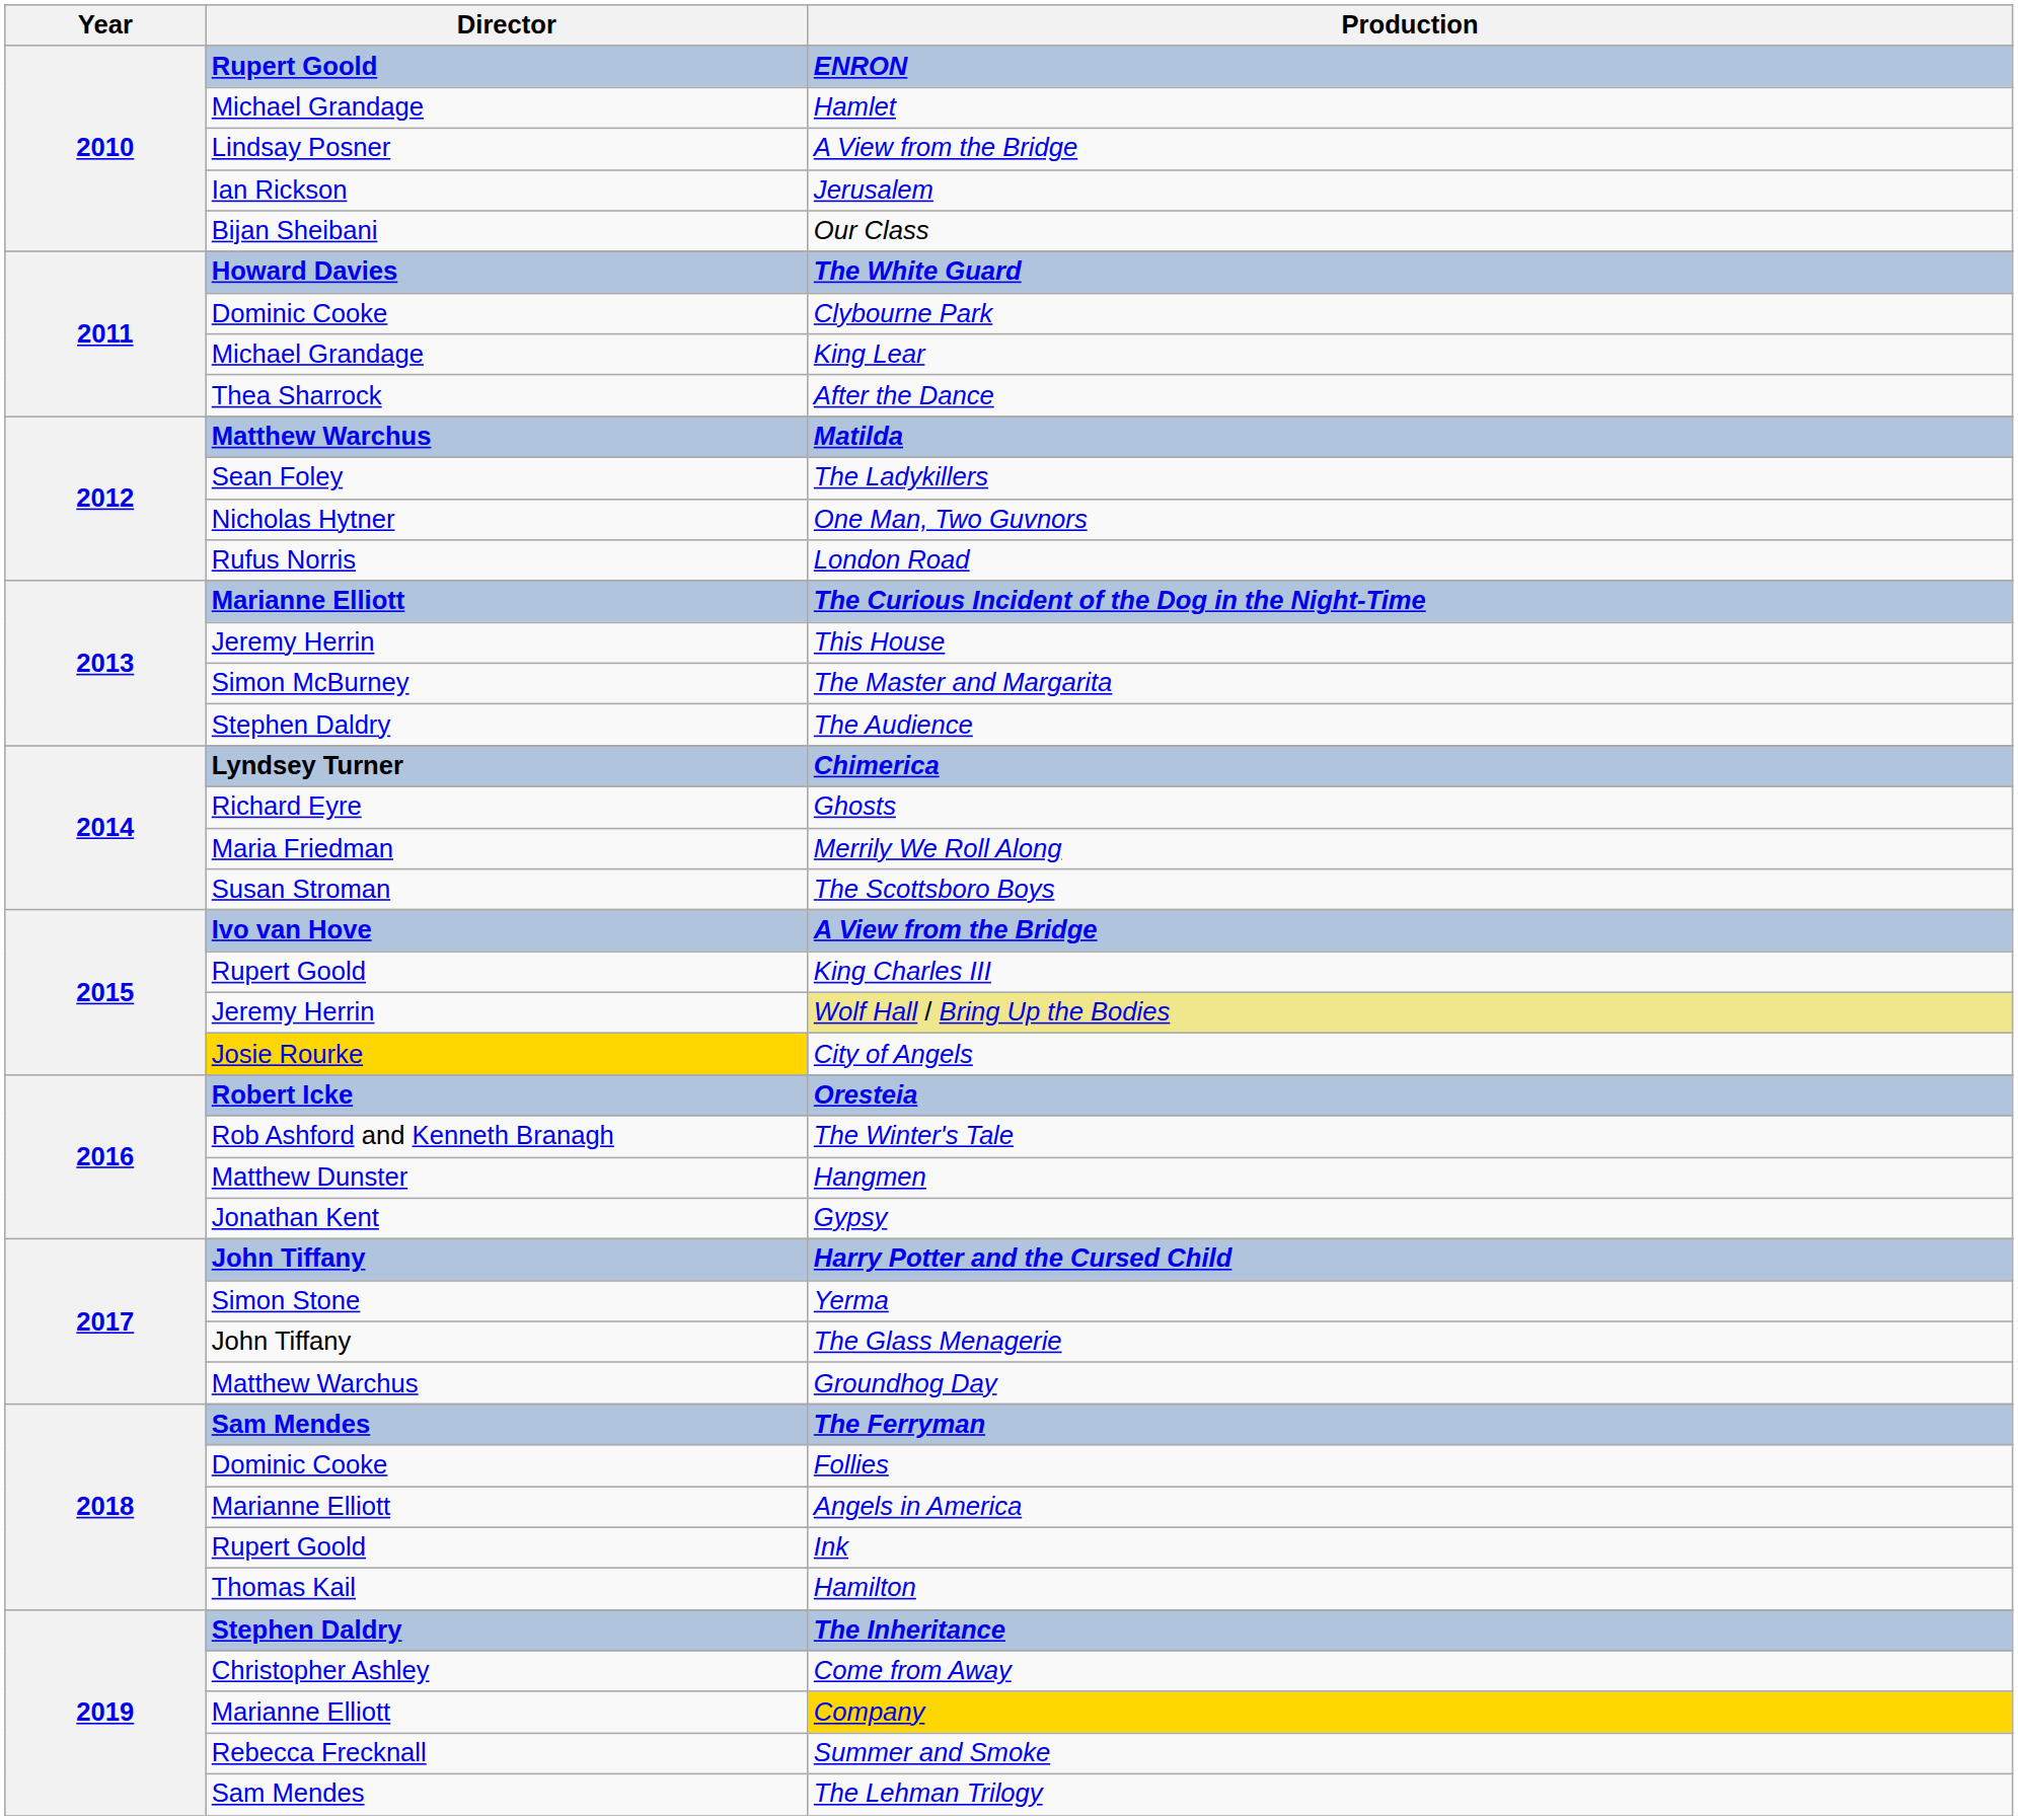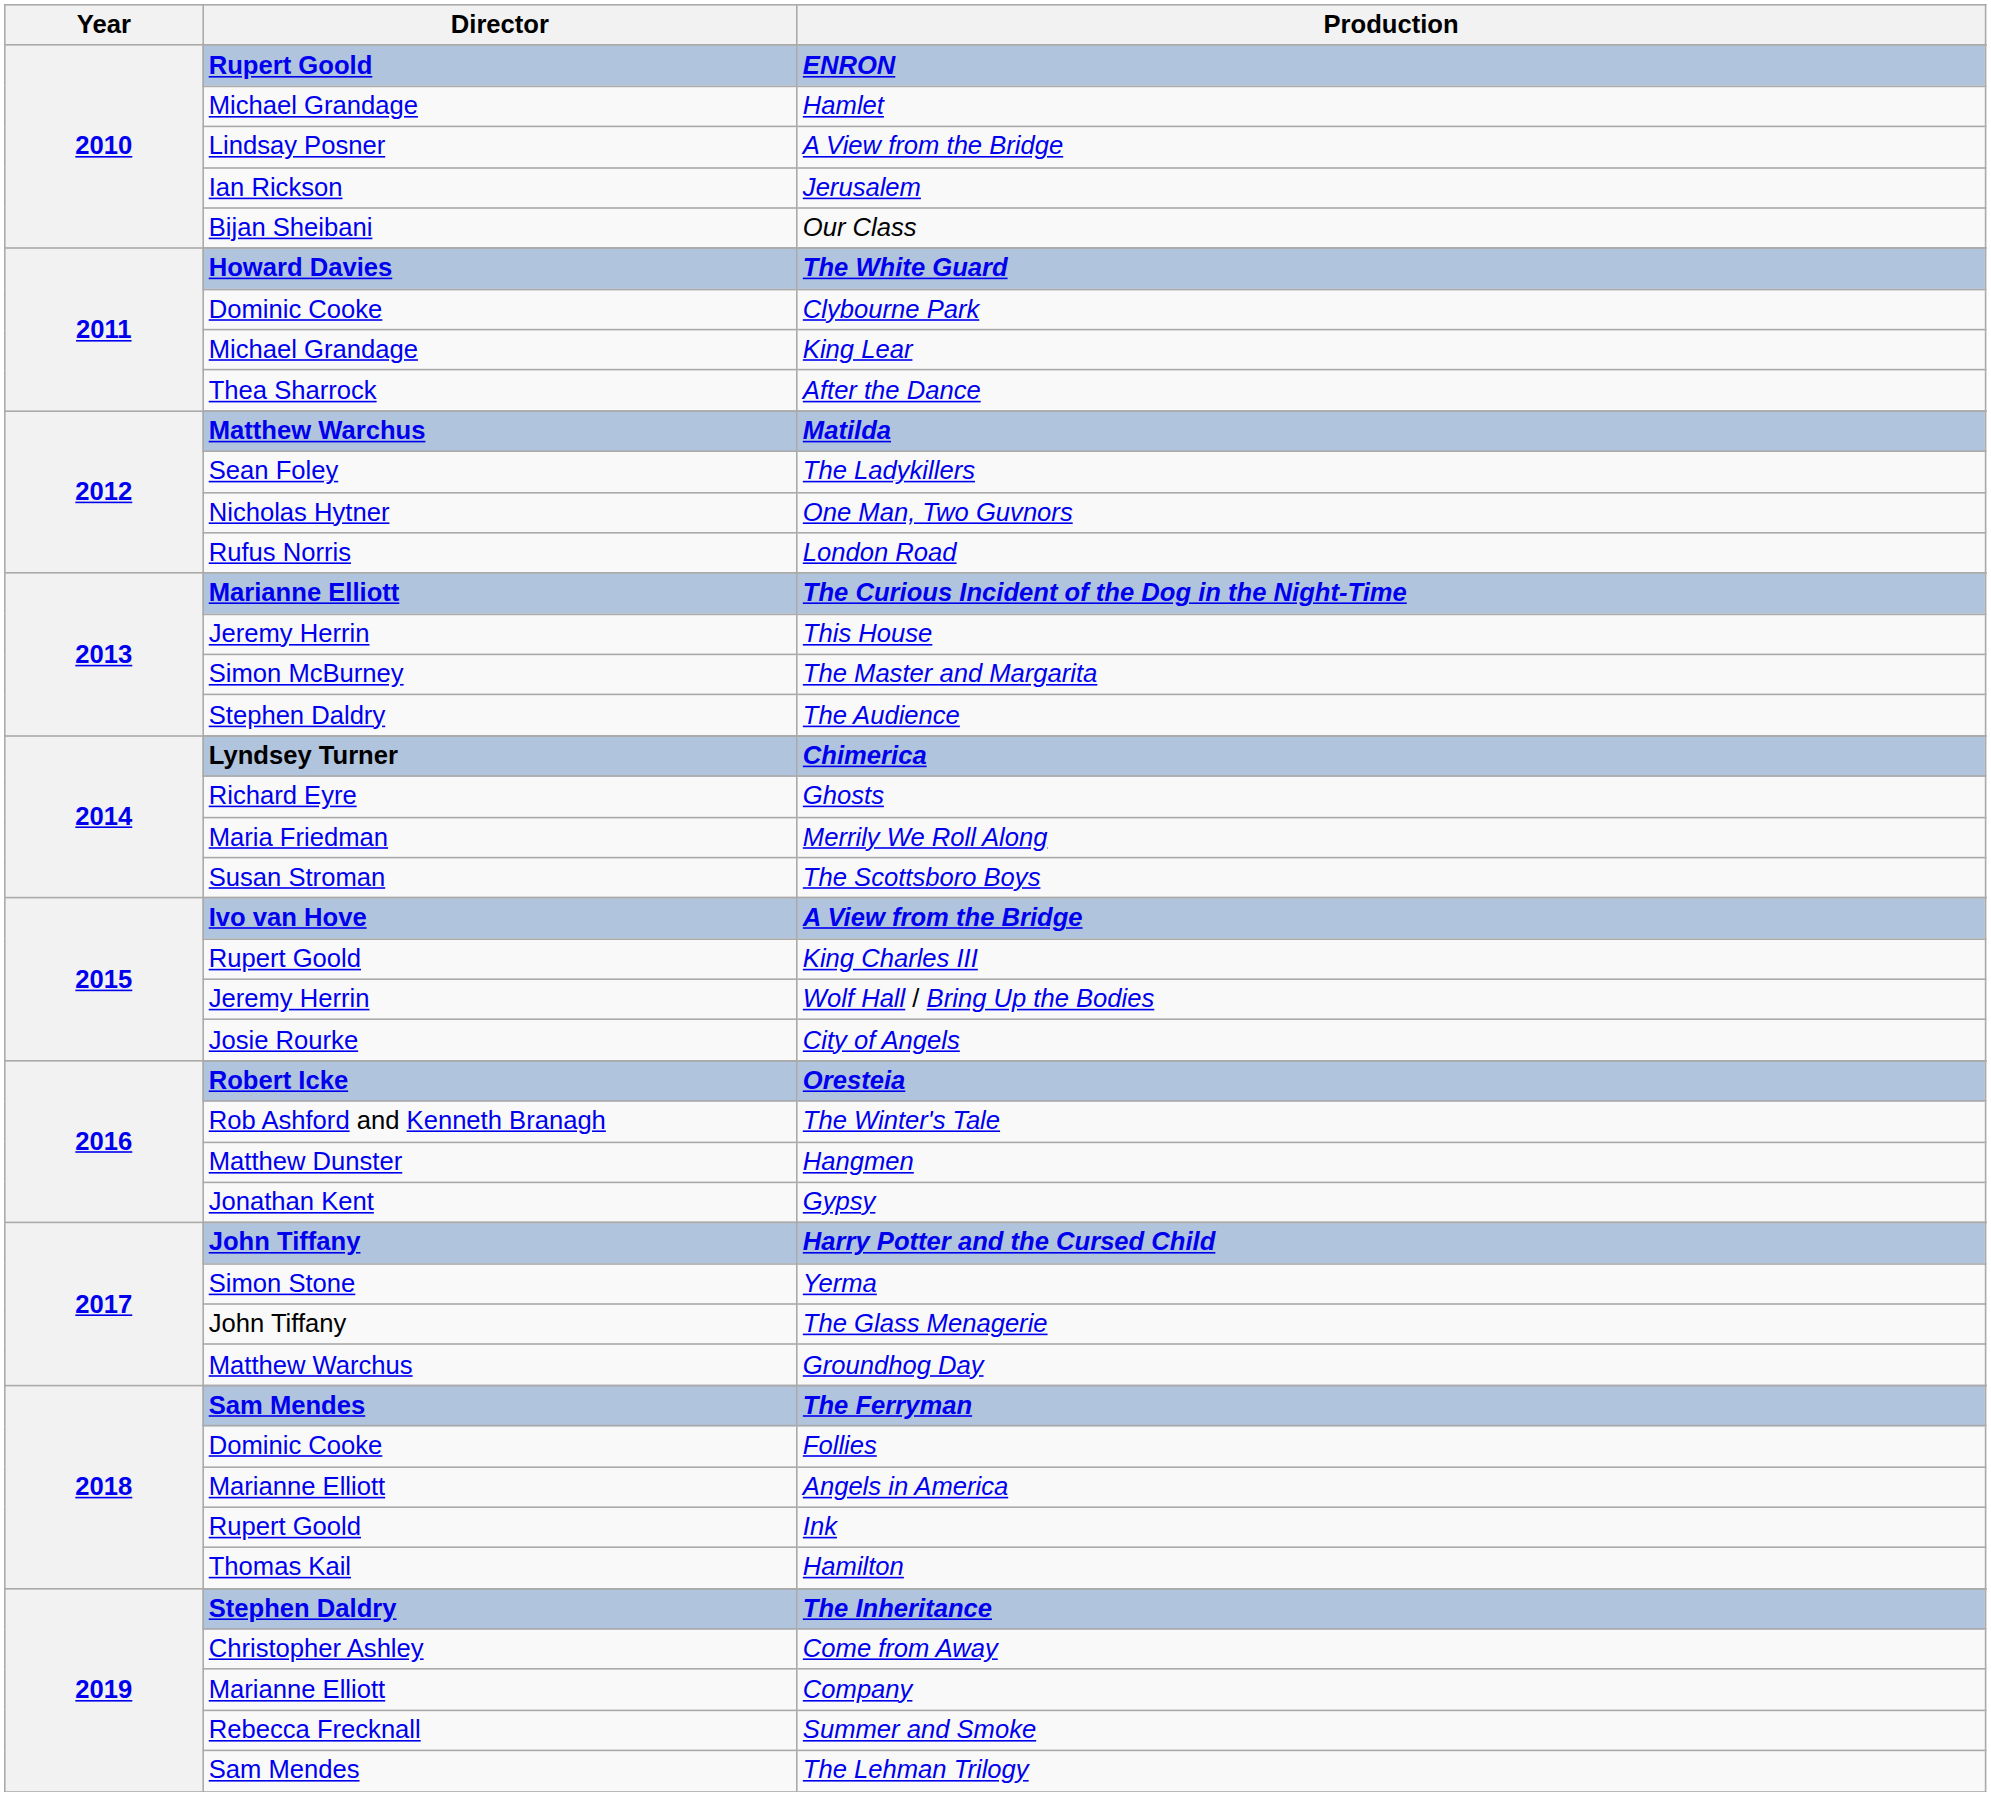 <table class="wikitable" style="width:98%;">
 <tr>
 <th style="width:10%;">Year</th>
 <th style="width:30%;">Director</th>
 <th style="width:60%;">Production</th>
 </tr>
 <tr>
 <th rowspan="6"><a href='#'>2010</a></th>
 </tr>
 <tr style="background:#B0C4DE">
 <td><strong><a href='#'>Rupert Goold</a></strong></td>
 <td><strong><em><a href='#'>ENRON</a></em></strong></td>
 </tr>
 <tr>
 <td><a href='#'>Michael Grandage</a></td>
 <td><em><a href='#'>Hamlet</a></em></td>
 </tr>
 <tr>
 <td><a href='#'>Lindsay Posner</a></td>
 <td><em><a href='#'>A View from the Bridge</a></em></td>
 </tr>
 <tr>
 <td><a href='#'>Ian Rickson</a></td>
 <td><em><a href='#'>Jerusalem</a></em></td>
 </tr>
 <tr>
 <td><a href='#'>Bijan Sheibani</a></td>
 <td><em>Our Class</em></td>
 </tr>
 <tr>
 <th rowspan="5"><a href='#'>2011</a></th>
 </tr>
 <tr style="background:#B0C4DE">
 <td><strong><a href='#'>Howard Davies</a></strong></td>
 <td><strong><em><a href='#'>The White Guard</a></em></strong></td>
 </tr>
 <tr>
 <td><a href='#'>Dominic Cooke</a></td>
 <td><em><a href='#'>Clybourne Park</a></em></td>
 </tr>
 <tr>
 <td><a href='#'>Michael Grandage</a></td>
 <td><em><a href='#'>King Lear</a></em></td>
 </tr>
 <tr>
 <td><a href='#'>Thea Sharrock</a></td>
 <td><em><a href='#'>After the Dance</a></em></td>
 </tr>
 <tr>
 <th rowspan="5"><a href='#'>2012</a></th>
 </tr>
 <tr style="background:#B0C4DE">
 <td><strong><a href='#'>Matthew Warchus</a></strong></td>
 <td><strong><em><a href='#'>Matilda</a></em></strong></td>
 </tr>
 <tr>
 <td><a href='#'>Sean Foley</a></td>
 <td><em><a href='#'>The Ladykillers</a></em></td>
 </tr>
 <tr>
 <td><a href='#'>Nicholas Hytner</a></td>
 <td><em><a href='#'>One Man, Two Guvnors</a></em></td>
 </tr>
 <tr>
 <td><a href='#'>Rufus Norris</a></td>
 <td><em><a href='#'>London Road</a></em></td>
 </tr>
 <tr>
 <th rowspan="5"><a href='#'>2013</a></th>
 </tr>
 <tr style="background:#B0C4DE">
 <td><strong><a href='#'>Marianne Elliott</a></strong></td>
 <td><strong><em><a href='#'>The Curious Incident of the Dog in the Night-Time</a></em></strong></td>
 </tr>
 <tr>
 <td><a href='#'>Jeremy Herrin</a></td>
 <td><em><a href='#'>This House</a></em></td>
 </tr>
 <tr>
 <td><a href='#'>Simon McBurney</a></td>
 <td><em><a href='#'>The Master and Margarita</a></em></td>
 </tr>
 <tr>
 <td><a href='#'>Stephen Daldry</a></td>
 <td><em><a href='#'>The Audience</a></em></td>
 </tr>
 <tr>
 <th rowspan="5"><a href='#'>2014</a></th>
 </tr>
 <tr style="background:#B0C4DE">
 <td><strong>Lyndsey Turner</strong></td>
 <td><strong><em><a href='#'>Chimerica</a></em></strong></td>
 </tr>
 <tr>
 <td><a href='#'>Richard Eyre</a></td>
 <td><em><a href='#'>Ghosts</a></em></td>
 </tr>
 <tr>
 <td><a href='#'>Maria Friedman</a></td>
 <td><em><a href='#'>Merrily We Roll Along</a></em></td>
 </tr>
 <tr>
 <td><a href='#'>Susan Stroman</a></td>
 <td><em><a href='#'>The Scottsboro Boys</a></em></td>
 </tr>
 <tr>
 <th rowspan="5"><a href='#'>2015</a></th>
 </tr>
 <tr style="background:#B0C4DE">
 <td><strong><a href='#'>Ivo van Hove</a></strong></td>
 <td><strong><em><a href='#'>A View from the Bridge</a></em></strong></td>
 </tr>
 <tr>
 <td><a href='#'>Rupert Goold</a></td>
 <td><em><a href='#'>King Charles III</a></em></td>
 </tr>
 <tr>
 <td><a href='#'>Jeremy Herrin</a></td>
-<td style="background: khaki;"><em><a href='#'>Wolf Hall</a></em> / <em><a href='#'>Bring Up the Bodies</a></em></td>
+<td><em><a href='#'>Wolf Hall</a></em> / <em><a href='#'>Bring Up the Bodies</a></em></td>
 </tr>
 <tr>
-<td style="background: gold;"><a href='#'>Josie Rourke</a></td>
+<td><a href='#'>Josie Rourke</a></td>
 <td><em><a href='#'>City of Angels</a></em></td>
 </tr>
 <tr>
 <th rowspan="5"><a href='#'>2016</a></th>
 </tr>
 <tr style="background:#B0C4DE">
 <td><strong><a href='#'>Robert Icke</a></strong></td>
 <td><strong><em><a href='#'>Oresteia</a></em></strong></td>
 </tr>
 <tr>
 <td><a href='#'>Rob Ashford</a> and <a href='#'>Kenneth Branagh</a></td>
 <td><em><a href='#'>The Winter's Tale</a></em></td>
 </tr>
 <tr>
 <td><a href='#'>Matthew Dunster</a></td>
 <td><em><a href='#'>Hangmen</a></em></td>
 </tr>
 <tr>
 <td><a href='#'>Jonathan Kent</a></td>
 <td><em><a href='#'>Gypsy</a></em></td>
 </tr>
 <tr>
 <th rowspan="5"><a href='#'>2017</a></th>
 </tr>
 <tr style="background:#B0C4DE">
 <td><strong><a href='#'>John Tiffany</a></strong></td>
 <td><strong><em><a href='#'>Harry Potter and the Cursed Child</a></em></strong></td>
 </tr>
 <tr>
 <td><a href='#'>Simon Stone</a></td>
 <td><em><a href='#'>Yerma</a></em></td>
 </tr>
 <tr>
 <td>John Tiffany</td>
 <td><em><a href='#'>The Glass Menagerie</a></em></td>
 </tr>
 <tr>
 <td><a href='#'>Matthew Warchus</a></td>
 <td><em><a href='#'>Groundhog Day</a></em></td>
 </tr>
 <tr>
 <th rowspan="6"><a href='#'>2018</a></th>
 </tr>
 <tr style="background:#B0C4DE">
 <td><strong><a href='#'>Sam Mendes</a></strong></td>
 <td><a href='#'><strong><em>The Ferryman</em></strong></a></td>
 </tr>
 <tr>
 <td><a href='#'>Dominic Cooke</a></td>
 <td><em><a href='#'>Follies</a></em></td>
 </tr>
 <tr>
 <td><a href='#'>Marianne Elliott</a></td>
 <td><em><a href='#'>Angels in America</a></em></td>
 </tr>
 <tr>
 <td><a href='#'>Rupert Goold</a></td>
 <td><a href='#'><em>Ink</em></a></td>
 </tr>
 <tr>
 <td><a href='#'>Thomas Kail</a></td>
 <td><a href='#'><em>Hamilton</em></a></td>
 </tr>
 <tr>
 <th rowspan=6><a href='#'>2019</a></th>
 </tr>
 <tr style="background:#B0C4DE">
 <td><strong><a href='#'>Stephen Daldry</a></strong></td>
 <td><strong><em><a href='#'>The Inheritance</a></em></strong></td>
 </tr>
 <tr>
 <td><a href='#'>Christopher Ashley</a></td>
 <td><em><a href='#'>Come from Away</a></em></td>
 </tr>
 <tr>
 <td><a href='#'>Marianne Elliott</a></td>
-<td style="background: gold;"><em><a href='#'>Company</a></em></td>
+<td><em><a href='#'>Company</a></em></td>
 </tr>
 <tr>
 <td><a href='#'>Rebecca Frecknall</a></td>
 <td><em><a href='#'>Summer and Smoke</a></em></td>
 </tr>
 <tr>
 <td><a href='#'>Sam Mendes</a></td>
 <td><em><a href='#'>The Lehman Trilogy</a></em></td>
 </tr>
 </table>
